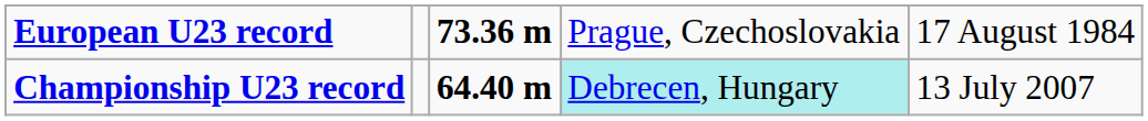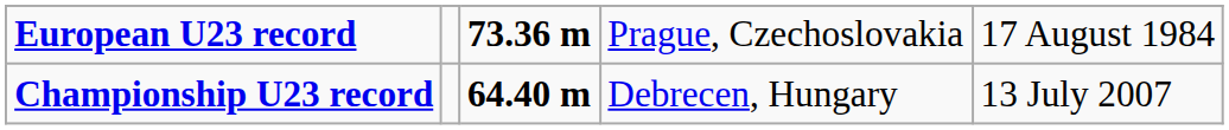 <table class="wikitable">
 <tr>
 <td><strong><a href='#'>European U23 record</a></strong></td>
 <td></td>
 <td><strong>73.36 m</strong></td>
 <td><a href='#'>Prague</a>, Czechoslovakia</td>
 <td>17 August 1984</td>
 </tr>
 <tr>
 <td><strong><a href='#'>Championship U23 record</a></strong></td>
 <td></td>
 <td><strong>64.40 m</strong></td>
-<td style="background: paleturquoise;"><a href='#'>Debrecen</a>, Hungary</td>
+<td><a href='#'>Debrecen</a>, Hungary</td>
 <td>13 July 2007</td>
 </tr>
 </table>
